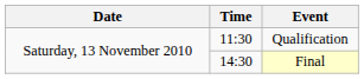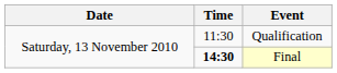 <table class = "wikitable" style="text-align:center;">
 <tr>
 <th width=220>Date</th>
 <th width=50>Time</th>
 <th width=100>Event</th>
 </tr>
 <tr>
 <td rowspan=2>Saturday, 13 November 2010</td>
 <td>11:30</td>
 <td>Qualification</td>
 </tr>
 <tr>
-<td>14:30</td>
+<td><strong>14:30</strong></td>
 <td bgcolor=ffffcc>Final</td>
 </tr>
 </table>
